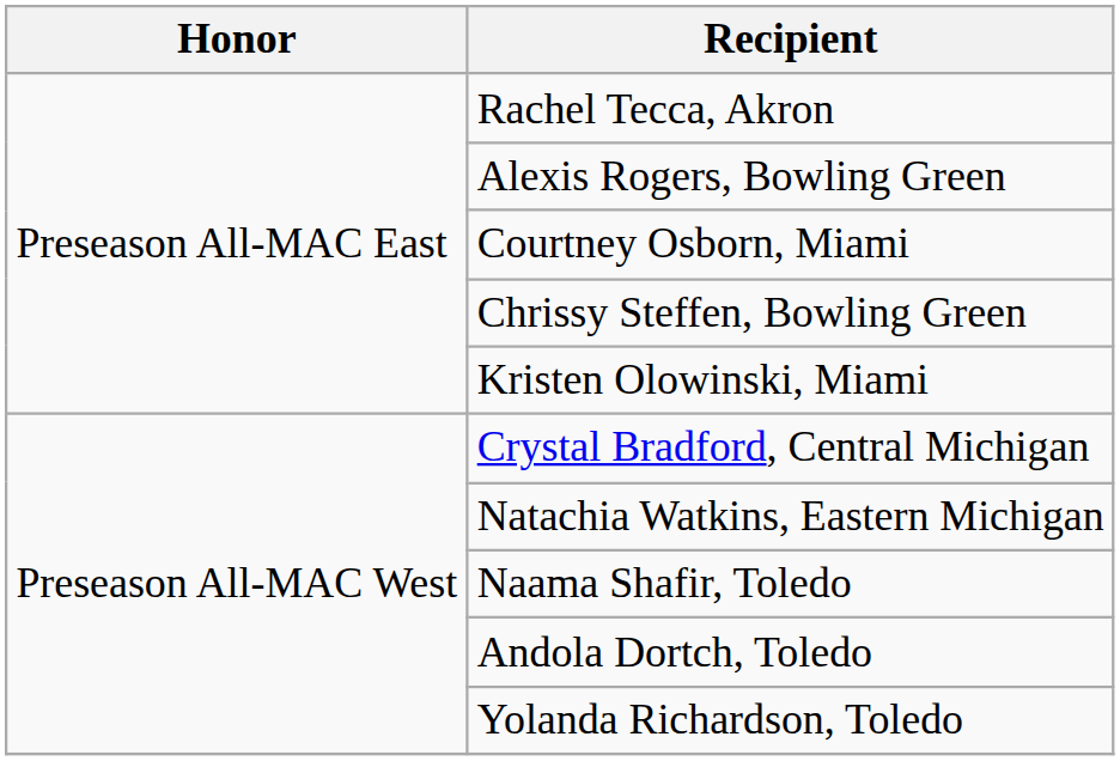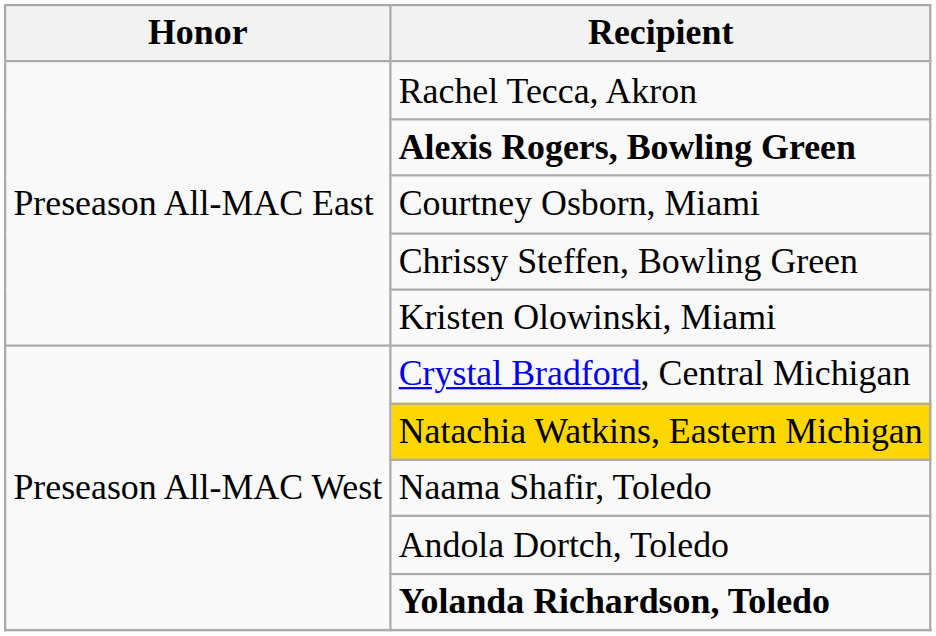 <table class="wikitable" border="1">
 <tr>
 <th>Honor</th>
 <th>Recipient</th>
 </tr>
 <tr>
 <td rowspan=5 valign=middle>Preseason All-MAC East</td>
 <td>Rachel Tecca, Akron</td>
 </tr>
 <tr>
-<td>Alexis Rogers, Bowling Green</td>
+<td><strong>Alexis Rogers, Bowling Green</strong></td>
 </tr>
 <tr>
 <td>Courtney Osborn, Miami</td>
 </tr>
 <tr>
 <td>Chrissy Steffen, Bowling Green</td>
 </tr>
 <tr>
 <td>Kristen Olowinski, Miami</td>
 </tr>
 <tr>
 <td rowspan=5 valign=middle>Preseason All-MAC West</td>
 <td><a href='#'>Crystal Bradford</a>, Central Michigan</td>
 </tr>
 <tr>
-<td>Natachia Watkins, Eastern Michigan</td>
+<td style="background: gold;">Natachia Watkins, Eastern Michigan</td>
 </tr>
 <tr>
 <td>Naama Shafir, Toledo</td>
 </tr>
 <tr>
 <td>Andola Dortch, Toledo</td>
 </tr>
 <tr>
-<td>Yolanda Richardson, Toledo</td>
+<td><strong>Yolanda Richardson, Toledo</strong></td>
 </tr>
 <tr>
 </tr>
 </table>
